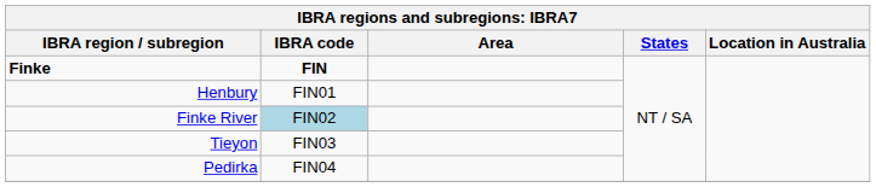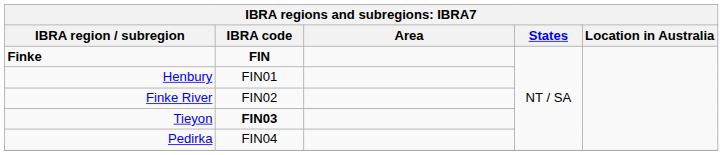 <table class="wikitable sortable">
 <tr>
 <th rowwidth=100px colspan=5>IBRA regions and subregions: IBRA7</th>
 </tr>
 <tr>
 <th scope="col" width="250px">IBRA region / subregion</th>
 <th scope="col" width="100px">IBRA code</th>
 <th scope="col" width="250px">Area</th>
 <th scope="col" width="75px"><a href='#'>States</a></th>
 <th>Location in Australia</th>
 </tr>
 <tr>
 <td><strong>Finke</strong></td>
 <td align="center"><strong>FIN</strong></td>
 <td align="right"><strong></strong></td>
 <td align="center" rowspan=5>NT / SA</td>
 <td align="center" rowspan=5></td>
 </tr>
 <tr>
 <td align="right"><a href='#'>Henbury</a></td>
 <td align="center">FIN01</td>
 <td align="right"></td>
 </tr>
 <tr>
 <td align="right"><a href='#'>Finke River</a></td>
-<td align="center" style="background: lightblue;">FIN02</td>
+<td align="center">FIN02</td>
 <td align="right"></td>
 </tr>
 <tr>
 <td align="right"><a href='#'>Tieyon</a></td>
-<td align="center">FIN03</td>
+<td align="center"><strong>FIN03</strong></td>
 <td align="right"></td>
 </tr>
 <tr>
 <td align="right"><a href='#'>Pedirka</a></td>
 <td align="center">FIN04</td>
 <td align="right"></td>
 </tr>
 <tr>
 </tr>
 </table>
